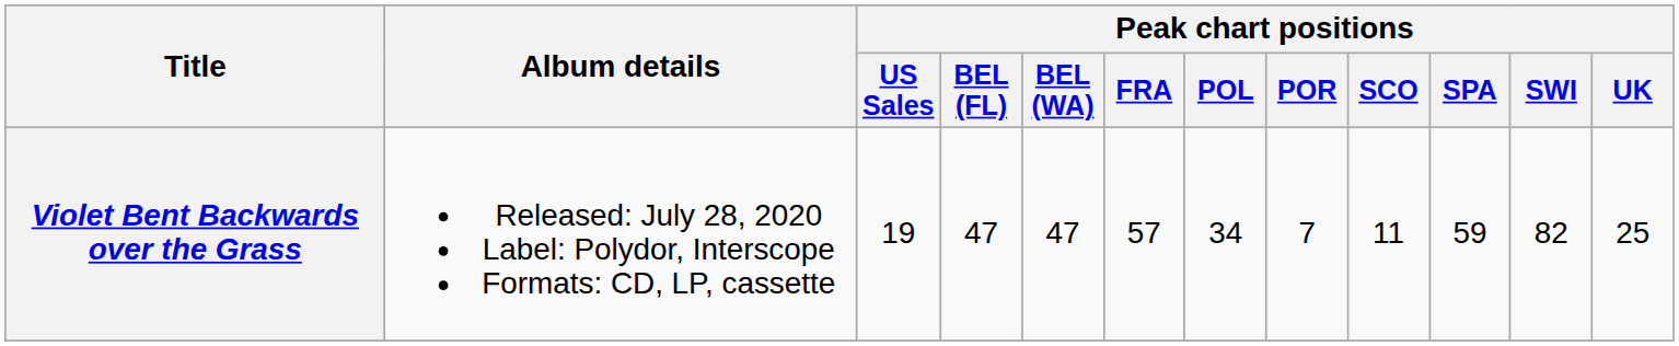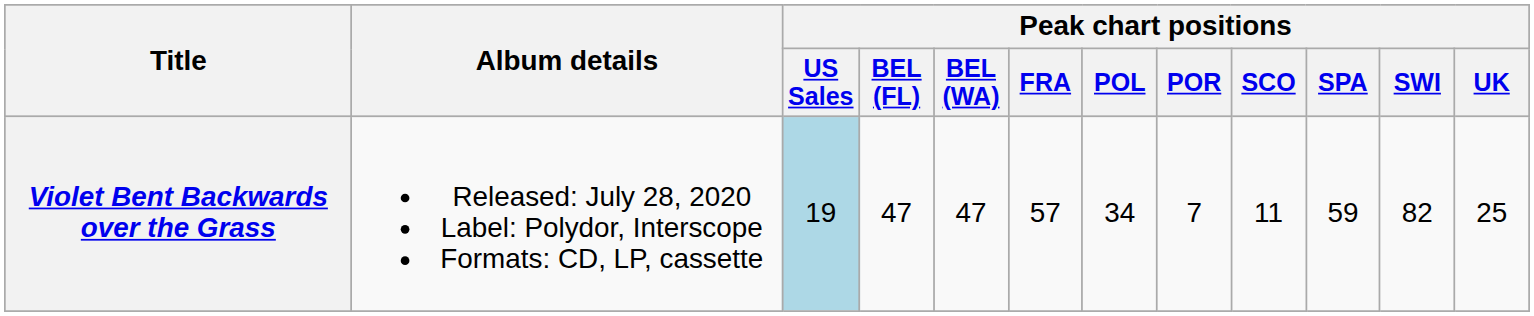 <table class="wikitable plainrowheaders" style="text-align:center;">
 <tr>
 <th scope="col" rowspan="2" style="width:12em;">Title</th>
 <th scope="col" rowspan="2" style="width:15em;">Album details</th>
 <th scope="col" colspan="10">Peak chart positions</th>
 </tr>
 <tr>
 <th scope="col" style="width:2.5em; font-size:90%;"><a href='#'>US<br>Sales</a><br></th>
 <th scope="col" style="width:2.5em; font-size:90%;"><a href='#'>BEL<br>(FL)</a><br></th>
 <th scope="col" style="width:2.5em; font-size:90%;"><a href='#'>BEL<br>(WA)</a><br></th>
 <th scope="col" style="width:2.5em; font-size:90%;"><a href='#'>FRA</a><br></th>
 <th scope="col" style="width:2.5em; font-size:90%;"><a href='#'>POL</a><br></th>
 <th scope="col" style="width:2.5em; font-size:90%;"><a href='#'>POR</a><br></th>
 <th scope="col" style="width:2.5em; font-size:90%;"><a href='#'>SCO</a><br></th>
 <th scope="col" style="width:2.5em; font-size:90%;"><a href='#'>SPA</a><br></th>
 <th scope="col" style="width:2.5em; font-size:90%;"><a href='#'>SWI</a><br></th>
 <th scope="col" style="width:2.5em; font-size:90%;"><a href='#'>UK</a><br></th>
 </tr>
 <tr>
 <th scope="row"><em><a href='#'>Violet Bent Backwards over the Grass</a></em></th>
 <td><br><ul><li>Released: July 28, 2020</li><li>Label: Polydor, Interscope</li><li>Formats: CD, LP, cassette</li></ul></td>
-<td>19</td>
+<td style="background: lightblue;">19</td>
 <td>47</td>
 <td>47</td>
 <td>57</td>
 <td>34</td>
 <td>7</td>
 <td>11</td>
 <td>59</td>
 <td>82</td>
 <td>25</td>
 </tr>
 </table>
